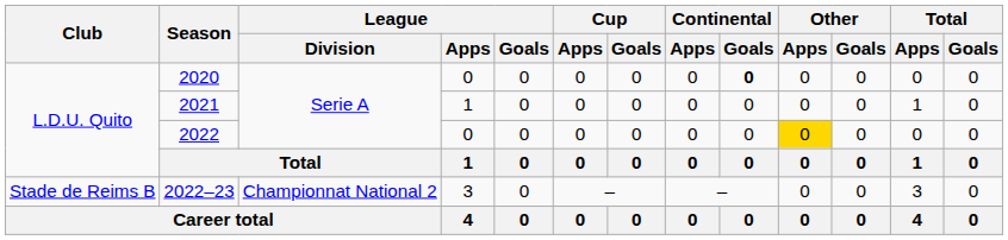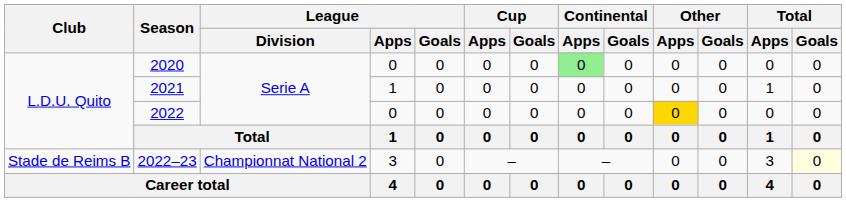 <table class="wikitable" style="text-align: center">
 <tr>
 <th rowspan="2">Club</th>
 <th rowspan="2">Season</th>
 <th colspan="3">League</th>
 <th colspan="2">Cup</th>
 <th colspan="2">Continental</th>
 <th colspan="2">Other</th>
 <th colspan="2">Total</th>
 </tr>
 <tr>
 <th>Division</th>
 <th>Apps</th>
 <th>Goals</th>
 <th>Apps</th>
 <th>Goals</th>
 <th>Apps</th>
 <th>Goals</th>
 <th>Apps</th>
 <th>Goals</th>
 <th>Apps</th>
 <th>Goals</th>
 </tr>
 <tr>
 <td rowspan=4><a href='#'>L.D.U. Quito</a></td>
 <td><a href='#'>2020</a></td>
 <td rowspan=3><a href='#'>Serie A</a></td>
 <td>0</td>
 <td>0</td>
 <td>0</td>
 <td>0</td>
+<td style="background: lightgreen;">0</td>
 <td>0</td>
-<td><strong>0</strong></td>
 <td>0</td>
 <td>0</td>
 <td>0</td>
 <td>0</td>
 </tr>
 <tr>
 <td><a href='#'>2021</a></td>
 <td>1</td>
 <td>0</td>
 <td>0</td>
 <td>0</td>
 <td>0</td>
 <td>0</td>
 <td>0</td>
 <td>0</td>
 <td>1</td>
 <td>0</td>
 </tr>
 <tr>
 <td><a href='#'>2022</a></td>
 <td>0</td>
 <td>0</td>
 <td>0</td>
 <td>0</td>
 <td>0</td>
 <td>0</td>
 <td style="background: gold;">0</td>
 <td>0</td>
 <td>0</td>
 <td>0</td>
 </tr>
 <tr>
 <th colspan="2"><strong>Total</strong></th>
 <th>1</th>
 <th>0</th>
 <th>0</th>
 <th>0</th>
 <th>0</th>
 <th>0</th>
 <th>0</th>
 <th>0</th>
 <th>1</th>
 <th>0</th>
 </tr>
 <tr>
 <td><a href='#'>Stade de Reims B</a></td>
 <td><a href='#'>2022–23</a></td>
 <td><a href='#'>Championnat National 2</a></td>
 <td>3</td>
 <td>0</td>
 <td colspan=2>–</td>
 <td colspan=2>–</td>
 <td>0</td>
 <td>0</td>
 <td>3</td>
-<td>0</td>
+<td style="background: lightyellow;">0</td>
 </tr>
 <tr>
 <th colspan="3"><strong>Career total</strong></th>
 <th>4</th>
 <th>0</th>
 <th>0</th>
 <th>0</th>
 <th>0</th>
 <th>0</th>
 <th>0</th>
 <th>0</th>
 <th>4</th>
 <th>0</th>
 </tr>
 </table>
